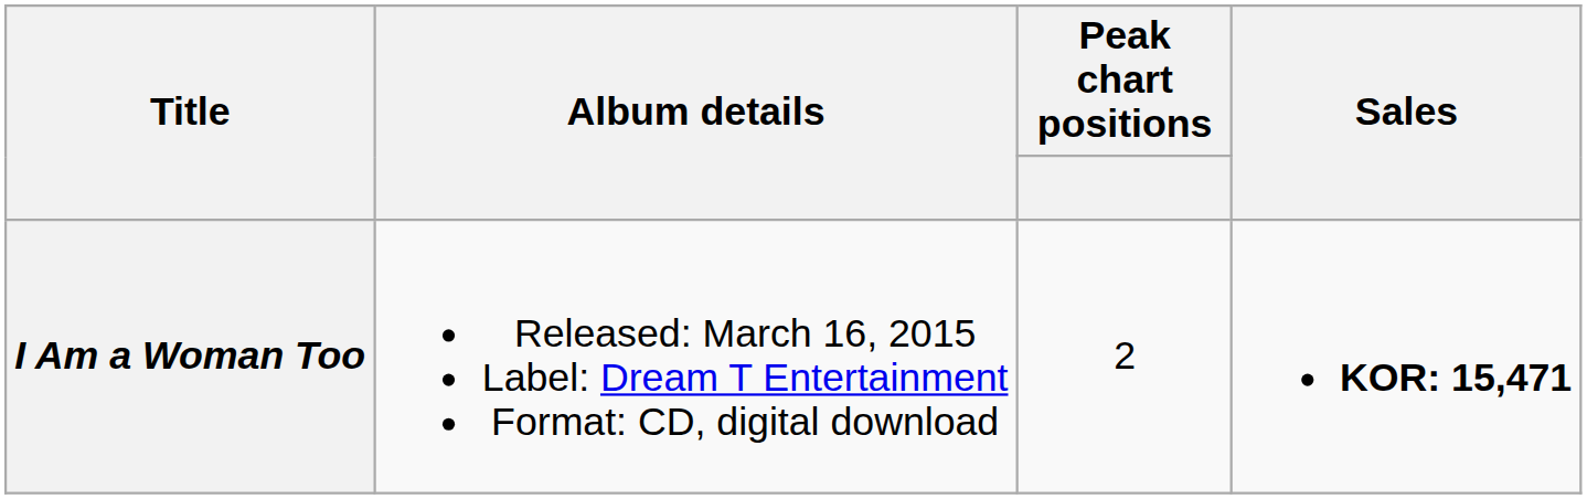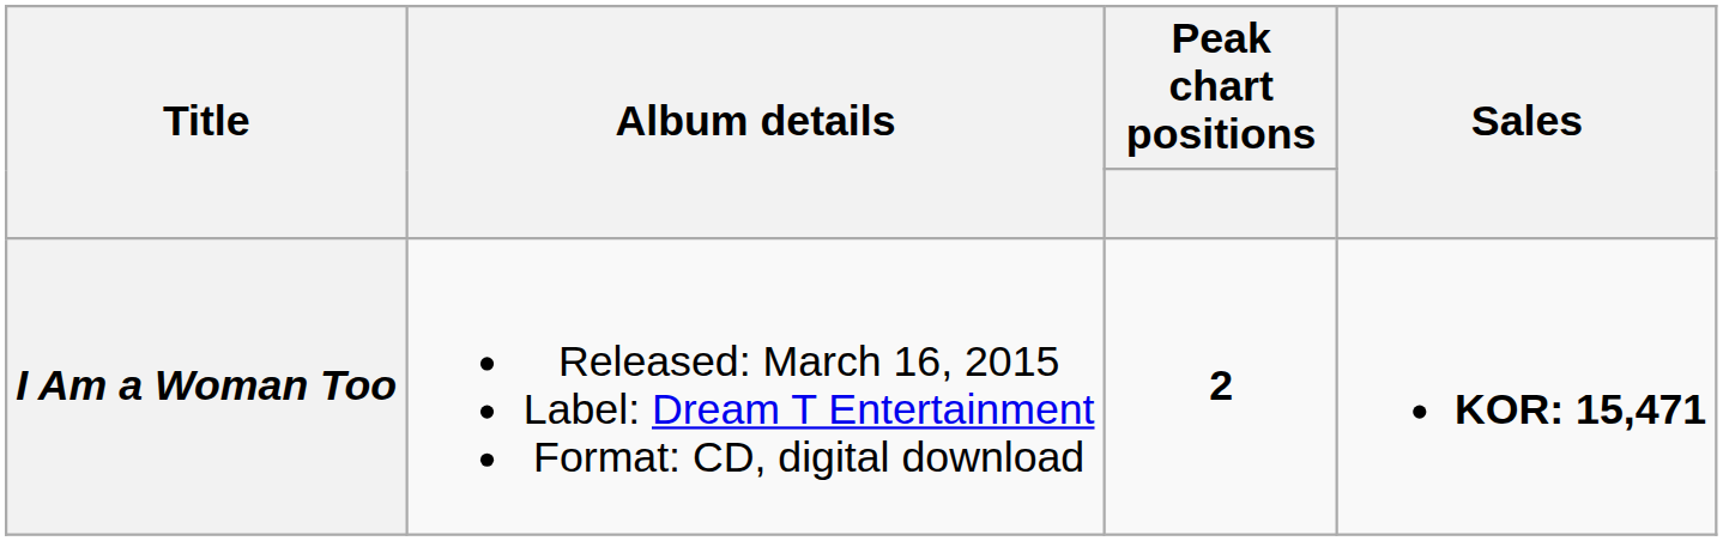 <table class="wikitable plainrowheaders" style="text-align:center">
 <tr>
 <th rowspan="2">Title</th>
 <th rowspan="2">Album details</th>
 <th style="width:5em">Peak chart positions</th>
 <th rowspan="2">Sales</th>
 </tr>
 <tr>
 <th><br></th>
 </tr>
 <tr>
 <th scope="row"><em>I Am a Woman Too</em></th>
 <td><br><ul><li>Released: March 16, 2015</li><li>Label: <a href='#'>Dream T Entertainment</a></li><li>Format: CD, digital download</li></ul></td>
-<td>2</td>
+<td><strong>2</strong></td>
 <td><strong><br><ul><li>KOR: 15,471</li></ul></strong></td>
 </tr>
 </table>
